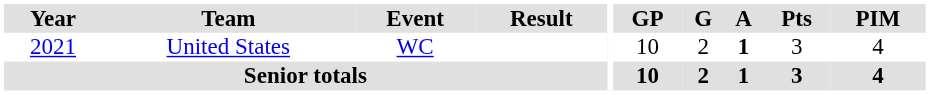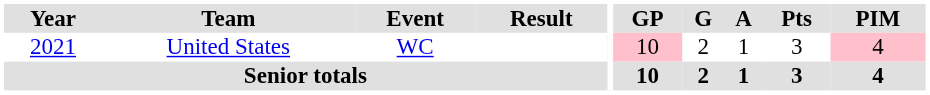 <table border="0" cellpadding="1" cellspacing="0" ID="Table3" style="text-align:center; width:40em;">
 <tr bgcolor="#e0e0e0">
 <th>Year</th>
 <th>Team</th>
 <th>Event</th>
 <th>Result</th>
 <th rowspan="99" bgcolor="#ffffff"></th>
 <th>GP</th>
 <th>G</th>
 <th>A</th>
 <th>Pts</th>
 <th>PIM</th>
 </tr>
 <tr>
 <td><a href='#'>2021</a></td>
 <td><a href='#'>United States</a></td>
 <td><a href='#'>WC</a></td>
 <td></td>
-<td>10</td>
+<td style="background: pink;">10</td>
 <td>2</td>
-<td><strong>1</strong></td>
+<td>1</td>
 <td>3</td>
-<td>4</td>
+<td style="background: pink;">4</td>
 </tr>
 <tr bgcolor="#e0e0e0">
 <th colspan="4">Senior totals</th>
 <th>10</th>
 <th>2</th>
 <th>1</th>
 <th>3</th>
 <th>4</th>
 </tr>
 </table>
